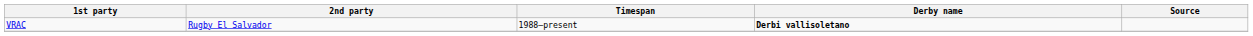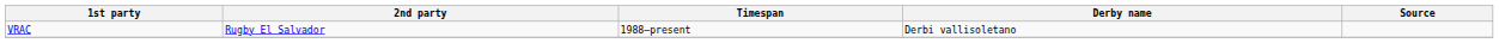 <table class="wikitable"  style="font-size:98%; width:98%;">
 <tr>
 <th>1st party</th>
 <th>2nd party</th>
 <th>Timespan</th>
 <th>Derby name</th>
 <th class="unsortable">Source</th>
 </tr>
 <tr>
 <td><a href='#'>VRAC</a></td>
 <td><a href='#'>Rugby El Salvador</a></td>
 <td>1988–present</td>
-<td><strong>Derbi vallisoletano</strong></td>
+<td>Derbi vallisoletano</td>
 <td></td>
 </tr>
 <tr>
 </tr>
 </table>
